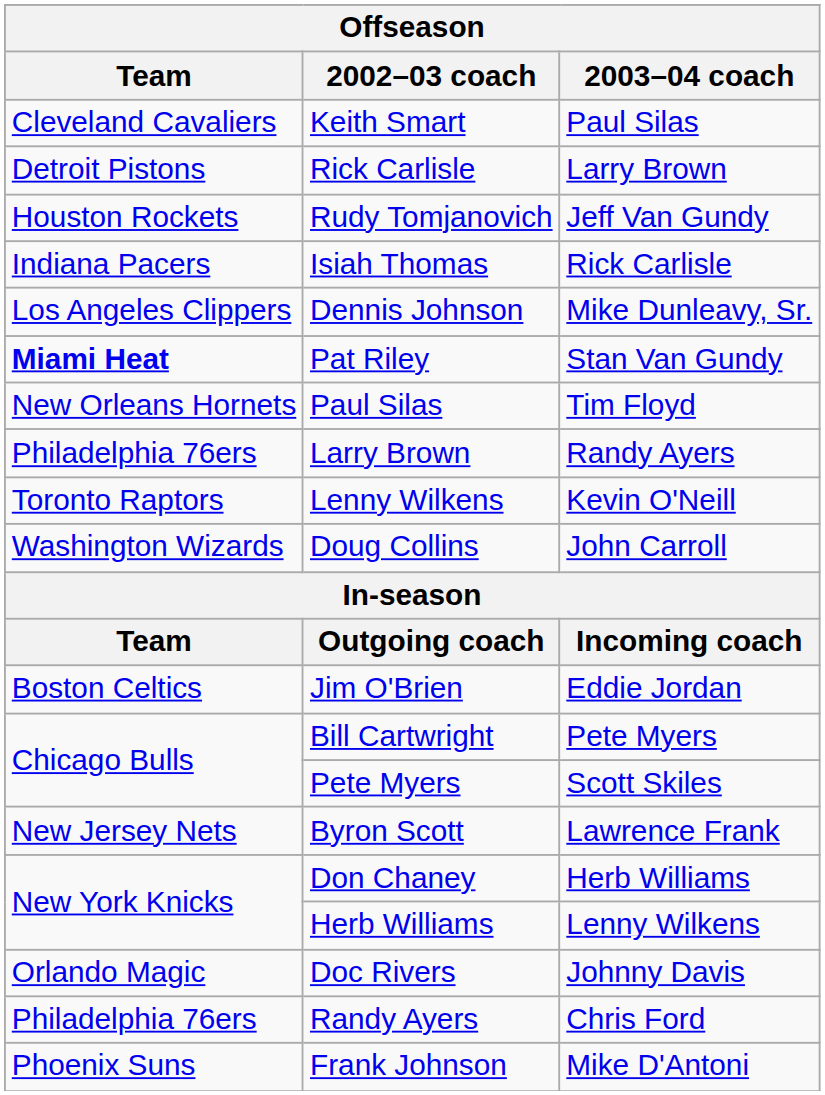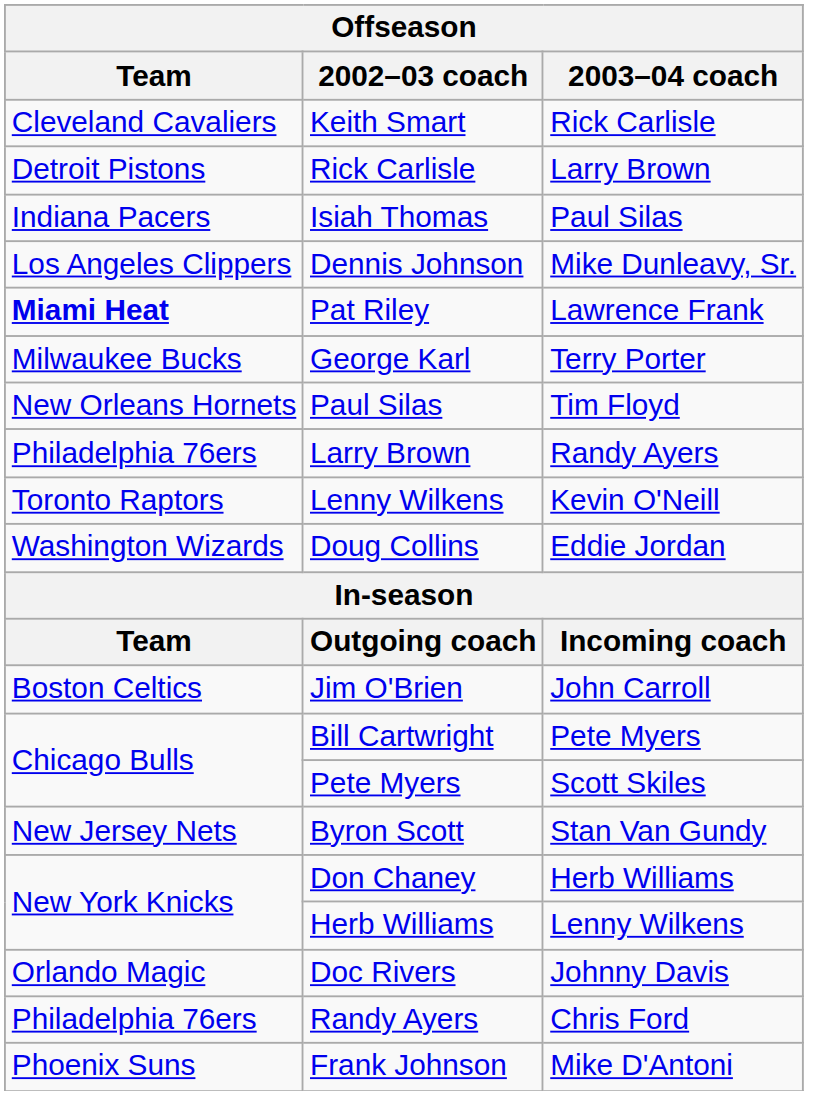 <table class="wikitable" style="align:right">
 <tr>
 <th colspan="3">Offseason</th>
 </tr>
 <tr>
 <th>Team</th>
 <th>2002–03 coach</th>
 <th>2003–04 coach</th>
 </tr>
 <tr>
 <td><a href='#'>Cleveland Cavaliers</a></td>
 <td><a href='#'>Keith Smart</a></td>
-<td><a href='#'>Paul Silas</a></td>
+<td><a href='#'>Rick Carlisle</a></td>
 </tr>
 <tr>
 <td><a href='#'>Detroit Pistons</a></td>
 <td><a href='#'>Rick Carlisle</a></td>
 <td><a href='#'>Larry Brown</a></td>
 </tr>
 <tr>
-<td><a href='#'>Houston Rockets</a></td>
-<td><a href='#'>Rudy Tomjanovich</a></td>
-<td><a href='#'>Jeff Van Gundy</a></td>
-</tr>
-<tr>
 <td><a href='#'>Indiana Pacers</a></td>
 <td><a href='#'>Isiah Thomas</a></td>
-<td><a href='#'>Rick Carlisle</a></td>
+<td><a href='#'>Paul Silas</a></td>
 </tr>
 <tr>
 <td><a href='#'>Los Angeles Clippers</a></td>
 <td><a href='#'>Dennis Johnson</a></td>
 <td><a href='#'>Mike Dunleavy, Sr.</a></td>
 </tr>
 <tr>
 <td><strong><a href='#'>Miami Heat</a></strong></td>
 <td><a href='#'>Pat Riley</a></td>
-<td><a href='#'>Stan Van Gundy</a></td>
+<td><a href='#'>Lawrence Frank</a></td>
+</tr>
+<tr>
+<td><a href='#'>Milwaukee Bucks</a></td>
+<td><a href='#'>George Karl</a></td>
+<td><a href='#'>Terry Porter</a></td>
 </tr>
 <tr>
 <td><a href='#'>New Orleans Hornets</a></td>
 <td><a href='#'>Paul Silas</a></td>
 <td><a href='#'>Tim Floyd</a></td>
 </tr>
 <tr>
 <td><a href='#'>Philadelphia 76ers</a></td>
 <td><a href='#'>Larry Brown</a></td>
 <td><a href='#'>Randy Ayers</a></td>
 </tr>
 <tr>
 <td><a href='#'>Toronto Raptors</a></td>
 <td><a href='#'>Lenny Wilkens</a></td>
 <td><a href='#'>Kevin O'Neill</a></td>
 </tr>
 <tr>
 <td><a href='#'>Washington Wizards</a></td>
 <td><a href='#'>Doug Collins</a></td>
-<td><a href='#'>John Carroll</a></td>
+<td><a href='#'>Eddie Jordan</a></td>
 </tr>
 <tr>
 <th colspan="3">In-season</th>
 </tr>
 <tr>
 <th>Team</th>
 <th>Outgoing coach</th>
 <th>Incoming coach</th>
 </tr>
 <tr>
 <td><a href='#'>Boston Celtics</a></td>
 <td><a href='#'>Jim O'Brien</a></td>
-<td><a href='#'>Eddie Jordan</a></td>
+<td><a href='#'>John Carroll</a></td>
 </tr>
 <tr>
 <td rowspan="2"><a href='#'>Chicago Bulls</a></td>
 <td><a href='#'>Bill Cartwright</a></td>
 <td><a href='#'>Pete Myers</a></td>
 </tr>
 <tr>
 <td><a href='#'>Pete Myers</a></td>
 <td><a href='#'>Scott Skiles</a></td>
 </tr>
 <tr>
 <td><a href='#'>New Jersey Nets</a></td>
 <td><a href='#'>Byron Scott</a></td>
-<td><a href='#'>Lawrence Frank</a></td>
+<td><a href='#'>Stan Van Gundy</a></td>
 </tr>
 <tr>
 <td rowspan="2"><a href='#'>New York Knicks</a></td>
 <td><a href='#'>Don Chaney</a></td>
 <td><a href='#'>Herb Williams</a></td>
 </tr>
 <tr>
 <td><a href='#'>Herb Williams</a></td>
 <td><a href='#'>Lenny Wilkens</a></td>
 </tr>
 <tr>
 <td><a href='#'>Orlando Magic</a></td>
 <td><a href='#'>Doc Rivers</a></td>
 <td><a href='#'>Johnny Davis</a></td>
 </tr>
 <tr>
 <td><a href='#'>Philadelphia 76ers</a></td>
 <td><a href='#'>Randy Ayers</a></td>
 <td><a href='#'>Chris Ford</a></td>
 </tr>
 <tr>
 <td><a href='#'>Phoenix Suns</a></td>
 <td><a href='#'>Frank Johnson</a></td>
 <td><a href='#'>Mike D'Antoni</a></td>
 </tr>
 </table>
